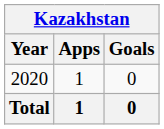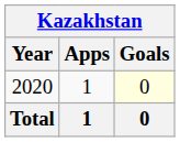 <table class="wikitable" style="text-align:center">
 <tr>
 <th colspan=3><a href='#'>Kazakhstan</a></th>
 </tr>
 <tr>
 <th>Year</th>
 <th>Apps</th>
 <th>Goals</th>
 </tr>
 <tr>
 <td>2020</td>
 <td>1</td>
-<td>0</td>
+<td style="background: lightyellow;">0</td>
 </tr>
 <tr>
 <th>Total</th>
 <th>1</th>
 <th>0</th>
 </tr>
 </table>
